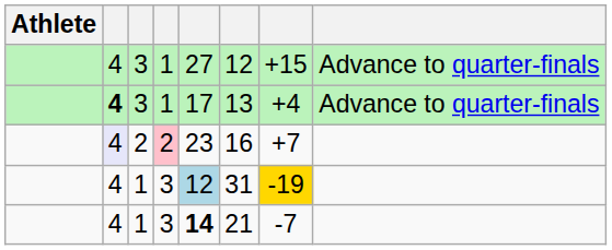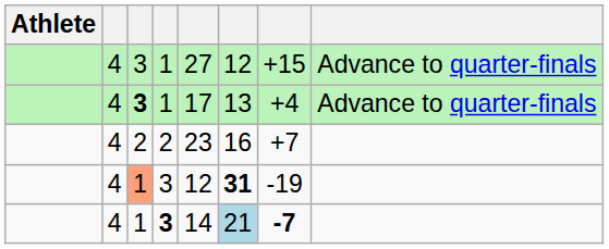 <table class=wikitable style="text-align:center">
 <tr>
 <th>Athlete</th>
 <th></th>
 <th></th>
 <th></th>
 <th></th>
 <th></th>
 <th></th>
 <th></th>
 </tr>
 <tr bgcolor=bbf3bb>
 <td style="text-align:left"></td>
 <td>4</td>
 <td>3</td>
 <td>1</td>
 <td>27</td>
 <td>12</td>
 <td>+15</td>
 <td>Advance to <a href='#'>quarter-finals</a></td>
 </tr>
 <tr bgcolor=bbf3bb>
 <td style="text-align:left"></td>
-<td><strong>4</strong></td>
-<td>3</td>
+<td>4</td>
+<td><strong>3</strong></td>
 <td>1</td>
 <td>17</td>
 <td>13</td>
 <td>+4</td>
 <td>Advance to <a href='#'>quarter-finals</a></td>
 </tr>
 <tr>
 <td style="text-align:left"></td>
-<td style="background: lavender;">4</td>
+<td>4</td>
 <td>2</td>
-<td style="background: pink;">2</td>
+<td>2</td>
 <td>23</td>
 <td>16</td>
 <td>+7</td>
 <td></td>
 </tr>
 <tr>
 <td style="text-align:left"></td>
 <td>4</td>
-<td>1</td>
+<td style="background: lightsalmon;">1</td>
 <td>3</td>
-<td style="background: lightblue;">12</td>
-<td>31</td>
-<td style="background: gold;">-19</td>
+<td>12</td>
+<td><strong>31</strong></td>
+<td>-19</td>
 <td></td>
 </tr>
 <tr>
 <td style="text-align:left"></td>
 <td>4</td>
 <td>1</td>
-<td>3</td>
-<td><strong>14</strong></td>
-<td>21</td>
-<td>-7</td>
+<td><strong>3</strong></td>
+<td>14</td>
+<td style="background: lightblue;">21</td>
+<td><strong>-7</strong></td>
 <td></td>
 </tr>
 </table>
